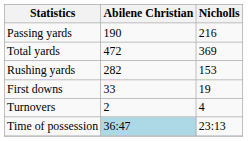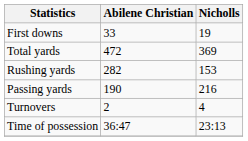 <table class="wikitable">
 <tr>
 <th>Statistics</th>
 <th>Abilene Christian</th>
 <th>Nicholls</th>
 </tr>
 <tr>
-<td>Passing yards</td>
-<td>190</td>
-<td>216</td>
+<td>First downs</td>
+<td>33</td>
+<td>19</td>
 </tr>
 <tr>
 <td>Total yards</td>
 <td>472</td>
 <td>369</td>
 </tr>
 <tr>
 <td>Rushing yards</td>
 <td>282</td>
 <td>153</td>
 </tr>
 <tr>
-<td>First downs</td>
-<td>33</td>
-<td>19</td>
+<td>Passing yards</td>
+<td>190</td>
+<td>216</td>
 </tr>
 <tr>
 <td>Turnovers</td>
 <td>2</td>
 <td>4</td>
 </tr>
 <tr>
 <td>Time of possession</td>
-<td style="background: lightblue;">36:47</td>
+<td>36:47</td>
 <td>23:13</td>
 </tr>
 <tr>
 </tr>
 </table>
